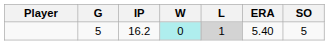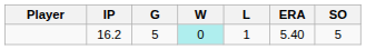 <table class="wikitable sortable">
 <tr>
 <th bgcolor="#DDDDFF" width="16%">Player</th>
+<th bgcolor="#DDDDFF" width="9%">IP</th>
 <th bgcolor="#DDDDFF" width="9%">G</th>
-<th bgcolor="#DDDDFF" width="9%">IP</th>
 <th bgcolor="#DDDDFF" width="9%">W</th>
 <th bgcolor="#DDDDFF" width="9%">L</th>
 <th bgcolor="#DDDDFF" width="9%">ERA</th>
 <th bgcolor="#DDDDFF" width="9%">SO</th>
 </tr>
 <tr align="center">
 <td></td>
+<td>16.2</td>
 <td>5</td>
-<td>16.2</td>
 <td style="background: paleturquoise;">0</td>
-<td style="background: lightgrey;">1</td>
+<td>1</td>
 <td>5.40</td>
 <td>5</td>
 </tr>
 </table>
